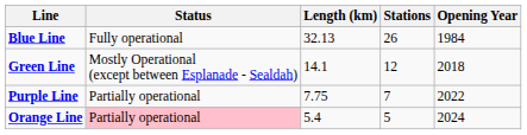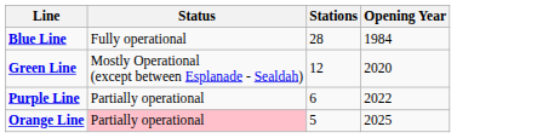 <table class="wikitable sortable collapsible" text-align: center;">
 <tr>
 <th>Line</th>
 <th>Status</th>
-<th>Length (km)</th>
 <th>Stations</th>
 <th>Opening Year</th>
 </tr>
 <tr>
 <td style="background:#"><strong><a href='#'><span>Blue Line</span></a></strong></td>
 <td>Fully operational</td>
-<td>32.13</td>
-<td>26</td>
+<td>28</td>
 <td>1984</td>
 </tr>
 <tr>
 <td style="background:#"><strong><a href='#'><span>Green Line</span></a></strong></td>
 <td>Mostly Operational<br>(except between <a href='#'>Esplanade</a> - <a href='#'>Sealdah</a>)</td>
-<td>14.1</td>
 <td>12</td>
-<td>2018</td>
+<td>2020</td>
 </tr>
 <tr>
 <td style="background:#"><strong><a href='#'><span>Purple Line</span></a></strong></td>
 <td>Partially operational</td>
-<td>7.75</td>
-<td>7</td>
+<td>6</td>
 <td>2022</td>
 </tr>
 <tr>
 <td style="background:#"><strong><a href='#'><span>Orange Line</span></a></strong></td>
 <td style="background: pink;">Partially operational</td>
-<td>5.4</td>
 <td>5</td>
-<td>2024</td>
+<td>2025</td>
 </tr>
 </table>
